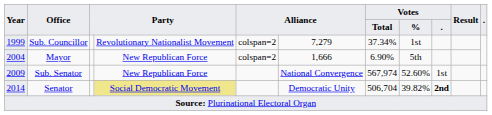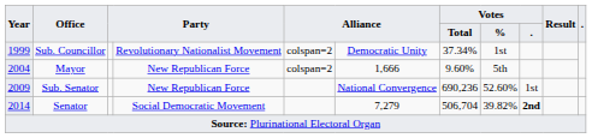 <table class="wikitable" style="font-size:90%; text-align:center;">
 <tr>
 <th style="background-color:#EAECF0;" rowspan=2>Year</th>
 <th style="background-color:#EAECF0;" rowspan=2>Office</th>
 <th style="background-color:#EAECF0;" colspan=2 rowspan=2>Party</th>
 <th style="background-color:#EAECF0;" colspan=2 rowspan=2>Alliance</th>
 <th style="background-color:#EAECF0;" colspan=3>Votes</th>
 <th style="background-color:#EAECF0;" rowspan=2>Result</th>
 <th style="background-color:#EAECF0;" rowspan=2>.</th>
 </tr>
 <tr>
 <th style="background-color:#EAECF0;">Total</th>
 <th style="background-color:#EAECF0;">%</th>
 <th style="background-color:#EAECF0;">.</th>
 </tr>
 <tr>
 <td style="background-color:#EAECF0;"><a href='#'>1999</a></td>
 <td><a href='#'>Sub. Councillor</a></td>
 <td style="background-color:"></td>
 <td><a href='#'>Revolutionary Nationalist Movement</a></td>
 <td>colspan=2 </td>
-<td>7,279</td>
+<td><a href='#'>Democratic Unity</a></td>
 <td>37.34%</td>
 <td>1st</td>
 <td></td>
 <td></td>
 </tr>
 <tr>
 <td style="background-color:#EAECF0;"><a href='#'>2004</a></td>
 <td><a href='#'>Mayor</a></td>
 <td style="background-color:"></td>
 <td><a href='#'>New Republican Force</a></td>
 <td>colspan=2 </td>
 <td>1,666</td>
-<td>6.90%</td>
+<td>9.60%</td>
 <td>5th</td>
 <td></td>
 <td></td>
 </tr>
 <tr>
 <td style="background-color:#EAECF0;"><a href='#'>2009</a></td>
 <td><a href='#'>Sub. Senator</a></td>
 <td style="background-color:"></td>
 <td><a href='#'>New Republican Force</a></td>
 <td style="background-color:"></td>
 <td><a href='#'>National Convergence</a></td>
-<td>567,974</td>
+<td>690,236</td>
 <td>52.60%</td>
 <td>1st</td>
 <td></td>
 <td></td>
 </tr>
 <tr>
 <td style="background-color:#EAECF0;"><a href='#'>2014</a></td>
 <td><a href='#'>Senator</a></td>
 <td style="background-color:"></td>
-<td style="background: khaki;"><a href='#'>Social Democratic Movement</a></td>
+<td><a href='#'>Social Democratic Movement</a></td>
 <td style="background-color:"></td>
-<td><a href='#'>Democratic Unity</a></td>
+<td>7,279</td>
 <td>506,704</td>
 <td>39.82%</td>
 <td><strong>2nd</strong></td>
 <td></td>
 <td></td>
 </tr>
 <tr>
 <td style="background-color:#EAECF0;" colspan=11><strong>Source:</strong> <a href='#'>Plurinational Electoral Organ</a>  </td>
 </tr>
 </table>
